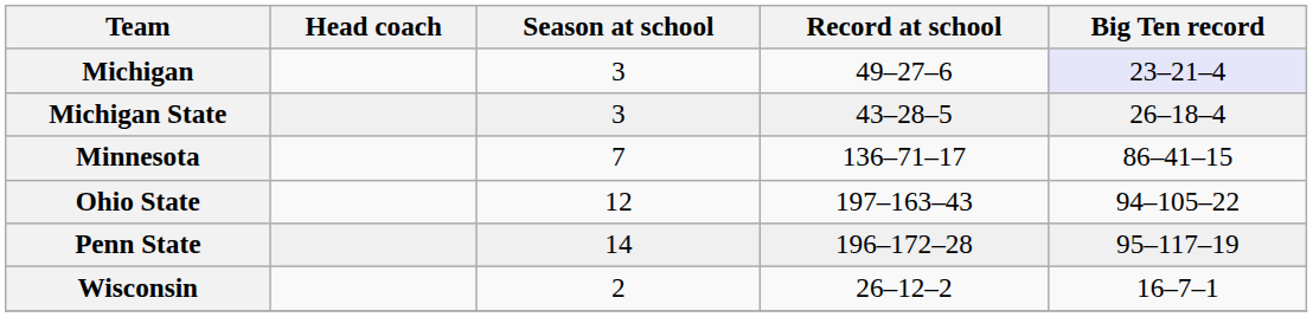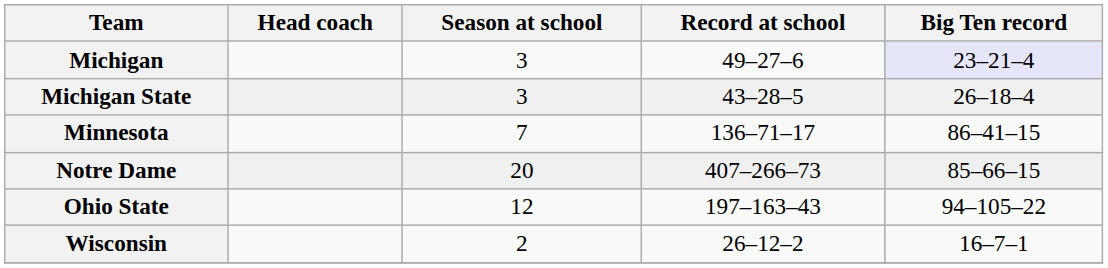 <table class="wikitable sortable" style="text-align: center; "width=60%">
 <tr>
 <th>Team</th>
 <th>Head coach</th>
 <th>Season at school</th>
 <th>Record at school</th>
 <th>Big Ten record</th>
 </tr>
 <tr>
 <th>Michigan</th>
 <td></td>
 <td>3</td>
 <td>49–27–6</td>
 <td style="background: lavender;">23–21–4</td>
 </tr>
 <tr bgcolor=f0f0f0>
 <th>Michigan State</th>
 <td></td>
 <td>3</td>
 <td>43–28–5</td>
 <td>26–18–4</td>
 </tr>
 <tr>
 <th>Minnesota</th>
 <td></td>
 <td>7</td>
 <td>136–71–17</td>
 <td>86–41–15</td>
 </tr>
+<tr bgcolor=f0f0f0>
+<th>Notre Dame</th>
+<td></td>
+<td>20</td>
+<td>407–266–73</td>
+<td>85–66–15</td>
+</tr>
 <tr>
 <th>Ohio State</th>
 <td></td>
 <td>12</td>
 <td>197–163–43</td>
 <td>94–105–22</td>
-</tr>
-<tr bgcolor=f0f0f0>
-<th>Penn State</th>
-<td></td>
-<td>14</td>
-<td>196–172–28</td>
-<td>95–117–19</td>
 </tr>
 <tr>
 <th>Wisconsin</th>
 <td></td>
 <td>2</td>
 <td>26–12–2</td>
 <td>16–7–1</td>
 </tr>
 <tr>
 </tr>
 </table>
